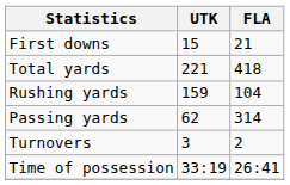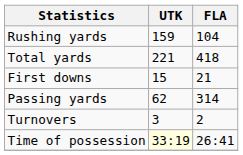 <table class="wikitable" style="float: left;">
 <tr>
 <th>Statistics</th>
 <th>UTK</th>
 <th>FLA</th>
 </tr>
 <tr>
-<td>First downs</td>
-<td>15</td>
-<td>21</td>
+<td>Rushing yards</td>
+<td>159</td>
+<td>104</td>
 </tr>
 <tr>
 <td>Total yards</td>
 <td>221</td>
 <td>418</td>
 </tr>
 <tr>
-<td>Rushing yards</td>
-<td>159</td>
-<td>104</td>
+<td>First downs</td>
+<td>15</td>
+<td>21</td>
 </tr>
 <tr>
 <td>Passing yards</td>
 <td>62</td>
 <td>314</td>
 </tr>
 <tr>
 <td>Turnovers</td>
 <td>3</td>
 <td>2</td>
 </tr>
 <tr>
 <td>Time of possession</td>
-<td>33:19</td>
+<td style="background: lightyellow;">33:19</td>
 <td>26:41</td>
 </tr>
 <tr>
 </tr>
 </table>
